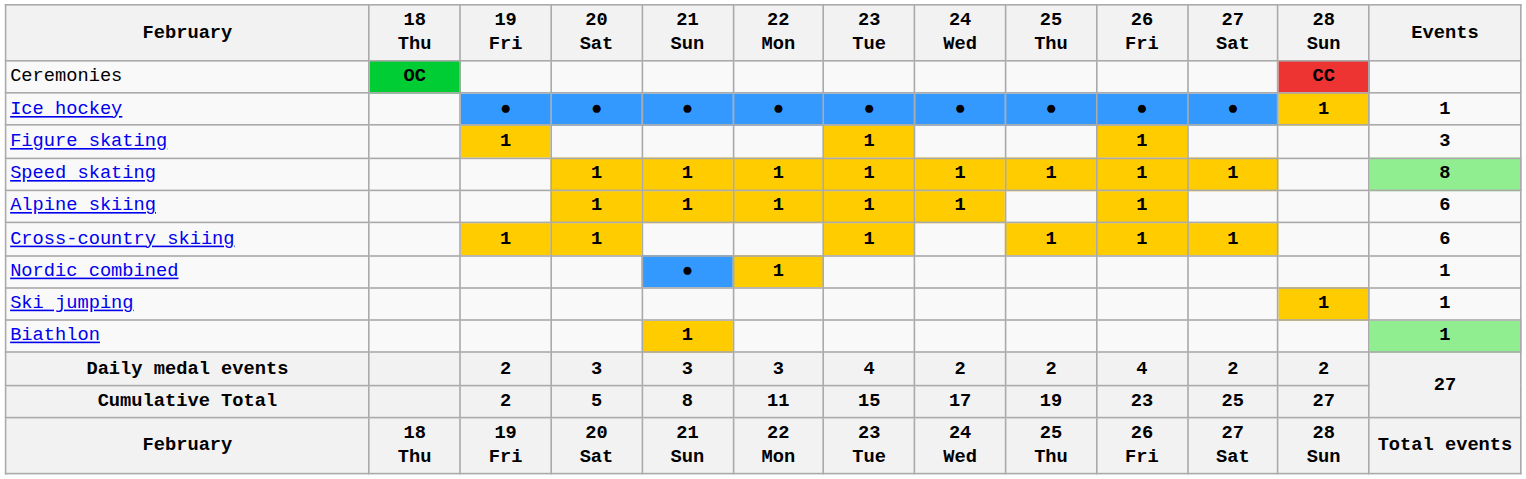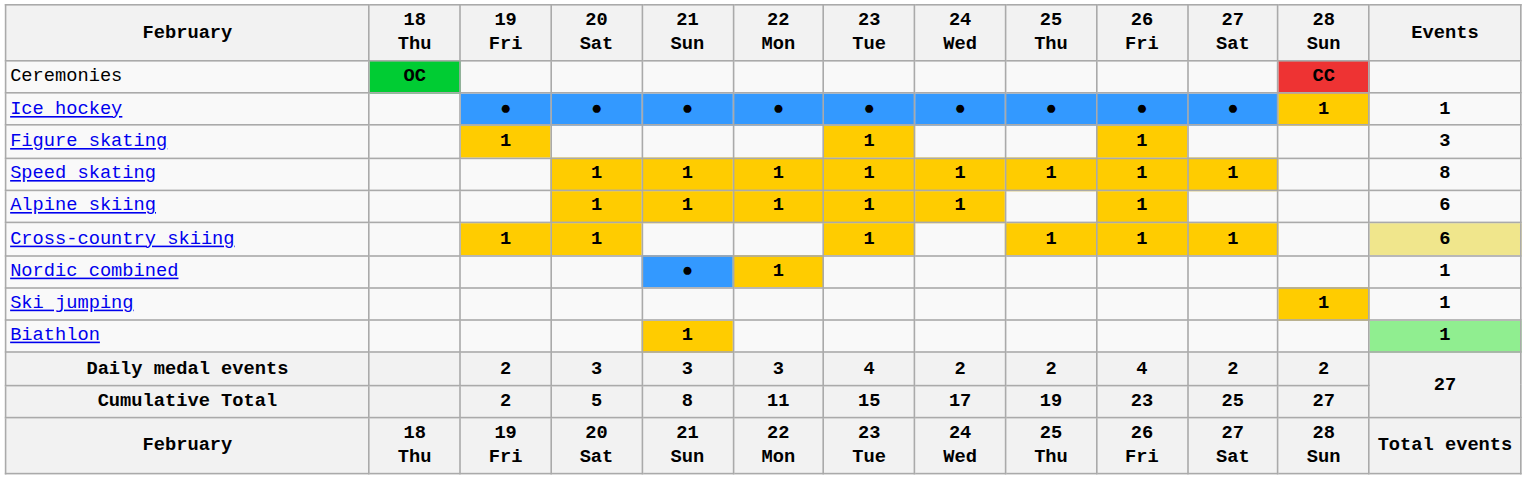 <table class="wikitable" style="margin:0.5em auto; font-size:90%; line-height:1.25em;" width=75%>
 <tr>
 <th width="24%">February</th>
 <th width="6%">18<br>Thu</th>
 <th width="6%">19<br>Fri</th>
 <th width="6%">20<br>Sat</th>
 <th width="6%">21<br>Sun</th>
 <th width="6%">22<br>Mon</th>
 <th width="6%">23<br>Tue</th>
 <th width="6%">24<br>Wed</th>
 <th width="6%">25<br>Thu</th>
 <th width="6%">26<br>Fri</th>
 <th width="6%">27<br>Sat</th>
 <th width="6%">28<br>Sun</th>
 <th width="10%">Events</th>
 </tr>
 <tr align="center">
 <td style="text-align:left;"> Ceremonies</td>
 <td style="background-color:#00cc33;text-align:center;"><strong>OC</strong></td>
 <td></td>
 <td></td>
 <td></td>
 <td></td>
 <td></td>
 <td></td>
 <td></td>
 <td></td>
 <td></td>
 <td style="background-color:#ee3333;text-align:center;"><strong>CC</strong></td>
 <td></td>
 </tr>
 <tr align="center">
 <td style="text-align:left;"> <a href='#'>Ice hockey</a></td>
 <td></td>
 <td style="background-color:#3399ff;">●</td>
 <td style="background-color:#3399ff;">●</td>
 <td style="background-color:#3399ff;">●</td>
 <td style="background-color:#3399ff;">●</td>
 <td style="background-color:#3399ff;">●</td>
 <td style="background-color:#3399ff;">●</td>
 <td style="background-color:#3399ff;">●</td>
 <td style="background-color:#3399ff;">●</td>
 <td style="background-color:#3399ff;">●</td>
 <td style="background-color:#ffcc00;"><strong>1</strong></td>
 <td><strong>1</strong></td>
 </tr>
 <tr align="center">
 <td style="text-align:left;"> <a href='#'>Figure skating</a></td>
 <td></td>
 <td style="background-color:#ffcc00;"><strong>1</strong></td>
 <td></td>
 <td></td>
 <td></td>
 <td style="background-color:#ffcc00;"><strong>1</strong></td>
 <td></td>
 <td></td>
 <td style="background-color:#ffcc00;"><strong>1</strong></td>
 <td></td>
 <td></td>
 <td><strong>3</strong></td>
 </tr>
 <tr align="center">
 <td style="text-align:left;"> <a href='#'>Speed skating</a></td>
 <td></td>
 <td></td>
 <td style="background-color:#ffcc00;"><strong>1</strong></td>
 <td style="background-color:#ffcc00;"><strong>1</strong></td>
 <td style="background-color:#ffcc00;"><strong>1</strong></td>
 <td style="background-color:#ffcc00;"><strong>1</strong></td>
 <td style="background-color:#ffcc00;"><strong>1</strong></td>
 <td style="background-color:#ffcc00;"><strong>1</strong></td>
 <td style="background-color:#ffcc00;"><strong>1</strong></td>
 <td style="background-color:#ffcc00;"><strong>1</strong></td>
 <td></td>
-<td style="background: lightgreen;"><strong>8</strong></td>
+<td><strong>8</strong></td>
 </tr>
 <tr align="center">
 <td style="text-align:left;"> <a href='#'>Alpine skiing</a></td>
 <td></td>
 <td></td>
 <td style="background-color:#ffcc00;"><strong>1</strong></td>
 <td style="background-color:#ffcc00;"><strong>1</strong></td>
 <td style="background-color:#ffcc00;"><strong>1</strong></td>
 <td style="background-color:#ffcc00;"><strong>1</strong></td>
 <td style="background-color:#ffcc00;"><strong>1</strong></td>
 <td></td>
 <td style="background-color:#ffcc00;"><strong>1</strong></td>
 <td></td>
 <td></td>
 <td><strong>6</strong></td>
 </tr>
 <tr align="center">
 <td style="text-align:left;"> <a href='#'>Cross-country skiing</a></td>
 <td></td>
 <td style="background-color:#ffcc00;"><strong>1</strong></td>
 <td style="background-color:#ffcc00;"><strong>1</strong></td>
 <td></td>
 <td></td>
 <td style="background-color:#ffcc00;"><strong>1</strong></td>
 <td></td>
 <td style="background-color:#ffcc00;"><strong>1</strong></td>
 <td style="background-color:#ffcc00;"><strong>1</strong></td>
 <td style="background-color:#ffcc00;"><strong>1</strong></td>
 <td></td>
-<td><strong>6</strong></td>
+<td style="background: khaki;"><strong>6</strong></td>
 </tr>
 <tr align="center">
 <td style="text-align:left;"> <a href='#'>Nordic combined</a></td>
 <td></td>
 <td></td>
 <td></td>
 <td style="background-color:#3399ff;">●</td>
 <td style="background-color:#ffcc00;"><strong>1</strong></td>
 <td></td>
 <td></td>
 <td></td>
 <td></td>
 <td></td>
 <td></td>
 <td><strong>1</strong></td>
 </tr>
 <tr align="center">
 <td style="text-align:left;"> <a href='#'>Ski jumping</a></td>
 <td></td>
 <td></td>
 <td></td>
 <td></td>
 <td></td>
 <td></td>
 <td></td>
 <td></td>
 <td></td>
 <td></td>
 <td style="background-color:#ffcc00;"><strong>1</strong></td>
 <td><strong>1</strong></td>
 </tr>
 <tr align="center">
 <td style="text-align:left;"> <a href='#'>Biathlon</a></td>
 <td></td>
 <td></td>
 <td></td>
 <td style="background-color:#ffcc00;"><strong>1</strong></td>
 <td></td>
 <td></td>
 <td></td>
 <td></td>
 <td></td>
 <td></td>
 <td></td>
 <td style="background: lightgreen;"><strong>1</strong></td>
 </tr>
 <tr>
 <th>Daily medal events</th>
 <th></th>
 <th>2</th>
 <th>3</th>
 <th>3</th>
 <th>3</th>
 <th>4</th>
 <th>2</th>
 <th>2</th>
 <th>4</th>
 <th>2</th>
 <th>2</th>
 <th rowspan=2>27</th>
 </tr>
 <tr>
 <th>Cumulative Total</th>
 <th></th>
 <th>2</th>
 <th>5</th>
 <th>8</th>
 <th>11</th>
 <th>15</th>
 <th>17</th>
 <th>19</th>
 <th>23</th>
 <th>25</th>
 <th>27</th>
 </tr>
 <tr>
 <th width="24%">February</th>
 <th width="6%">18<br>Thu</th>
 <th width="6%">19<br>Fri</th>
 <th width="6%">20<br>Sat</th>
 <th width="6%">21<br>Sun</th>
 <th width="6%">22<br>Mon</th>
 <th width="6%">23<br>Tue</th>
 <th width="6%">24<br>Wed</th>
 <th width="6%">25<br>Thu</th>
 <th width="6%">26<br>Fri</th>
 <th width="6%">27<br>Sat</th>
 <th width="6%">28<br>Sun</th>
 <th>Total events</th>
 </tr>
 </table>
